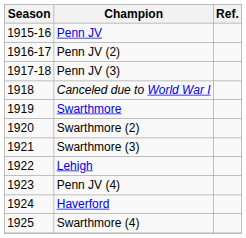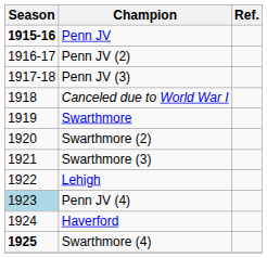 <table class="wikitable">
 <tr>
 <th>Season</th>
 <th>Champion</th>
 <th>Ref.</th>
 </tr>
 <tr>
-<td>1915-16</td>
+<td><strong>1915-16</strong></td>
 <td><a href='#'>Penn JV</a></td>
 <td></td>
 </tr>
 <tr>
 <td>1916-17</td>
 <td>Penn JV (2)</td>
 <td></td>
 </tr>
 <tr>
 <td>1917-18</td>
 <td>Penn JV (3)</td>
 <td></td>
 </tr>
 <tr>
 <td>1918</td>
 <td><em>Canceled due to <a href='#'>World War I</a></em></td>
 <td></td>
 </tr>
 <tr>
 <td>1919</td>
 <td><a href='#'>Swarthmore</a></td>
 <td></td>
 </tr>
 <tr>
 <td>1920</td>
 <td>Swarthmore (2)</td>
 <td></td>
 </tr>
 <tr>
 <td>1921</td>
 <td>Swarthmore (3)</td>
 <td></td>
 </tr>
 <tr>
 <td>1922</td>
 <td><a href='#'>Lehigh</a></td>
 <td></td>
 </tr>
 <tr>
-<td>1923</td>
+<td style="background: lightblue;">1923</td>
 <td>Penn JV (4)</td>
 <td></td>
 </tr>
 <tr>
 <td>1924</td>
 <td><a href='#'>Haverford</a></td>
 <td></td>
 </tr>
 <tr>
-<td>1925</td>
+<td><strong>1925</strong></td>
 <td>Swarthmore (4)</td>
 <td></td>
 </tr>
 <tr>
 </tr>
 </table>
